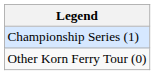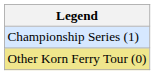 <table class="wikitable" style="font-size:95%;">
 <tr>
 <th>Legend</th>
 </tr>
 <tr style="background:#D6E8FF;">
 <td>Championship Series (1)</td>
 </tr>
 <tr>
-<td>Other Korn Ferry Tour (0)</td>
+<td style="background: khaki;">Other Korn Ferry Tour (0)</td>
 </tr>
 </table>
